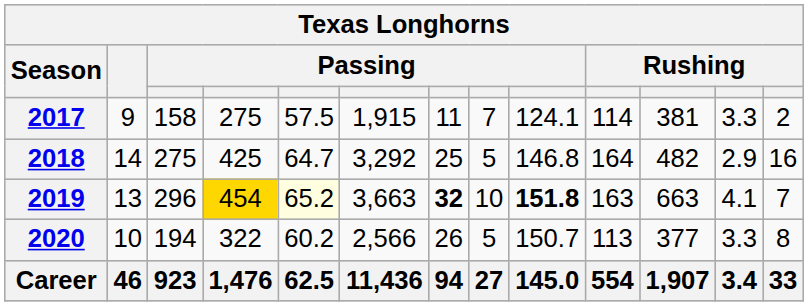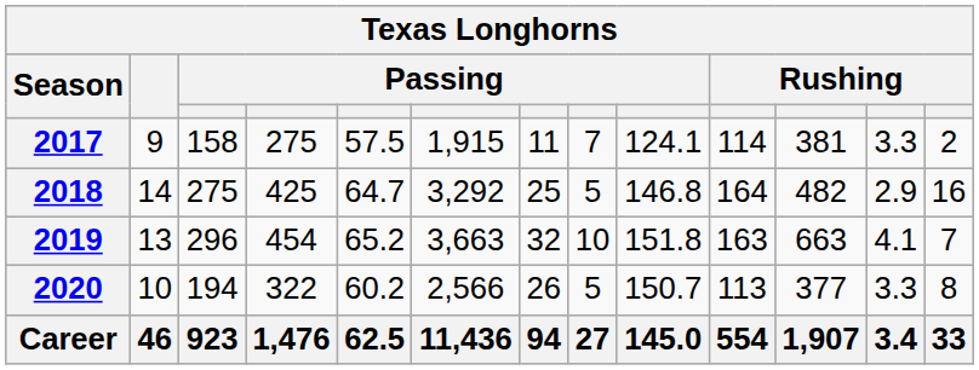 <table class="wikitable" style="text-align:center;">
 <tr>
 <th colspan="13">Texas Longhorns</th>
 </tr>
 <tr>
 <th rowspan="2">Season</th>
 <th rowspan="2"></th>
 <th colspan="7">Passing</th>
 <th colspan="4">Rushing</th>
 </tr>
 <tr>
 <th></th>
 <th></th>
 <th></th>
 <th></th>
 <th></th>
 <th></th>
 <th></th>
 <th></th>
 <th></th>
 <th></th>
 <th></th>
 </tr>
 <tr>
 <th><a href='#'>2017</a></th>
 <td>9</td>
 <td>158</td>
 <td>275</td>
 <td>57.5</td>
 <td>1,915</td>
 <td>11</td>
 <td>7</td>
 <td>124.1</td>
 <td>114</td>
 <td>381</td>
 <td>3.3</td>
 <td>2</td>
 </tr>
 <tr>
 <th><a href='#'>2018</a></th>
 <td>14</td>
 <td>275</td>
 <td>425</td>
 <td>64.7</td>
 <td>3,292</td>
 <td>25</td>
 <td>5</td>
 <td>146.8</td>
 <td>164</td>
 <td>482</td>
 <td>2.9</td>
 <td>16</td>
 </tr>
 <tr>
 <th><a href='#'>2019</a></th>
 <td>13</td>
 <td>296</td>
-<td style="background: gold;">454</td>
-<td style="background: lightyellow;">65.2</td>
+<td>454</td>
+<td>65.2</td>
 <td>3,663</td>
-<td><strong>32</strong></td>
+<td>32</td>
 <td>10</td>
-<td><strong>151.8</strong></td>
+<td>151.8</td>
 <td>163</td>
 <td>663</td>
 <td>4.1</td>
 <td>7</td>
 </tr>
 <tr>
 <th><a href='#'>2020</a></th>
 <td>10</td>
 <td>194</td>
 <td>322</td>
 <td>60.2</td>
 <td>2,566</td>
 <td>26</td>
 <td>5</td>
 <td>150.7</td>
 <td>113</td>
 <td>377</td>
 <td>3.3</td>
 <td>8</td>
 </tr>
 <tr>
 <th>Career</th>
 <th>46</th>
 <th>923</th>
 <th>1,476</th>
 <th>62.5</th>
 <th>11,436</th>
 <th>94</th>
 <th>27</th>
 <th>145.0</th>
 <th>554</th>
 <th>1,907</th>
 <th>3.4</th>
 <th>33</th>
 </tr>
 </table>
